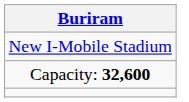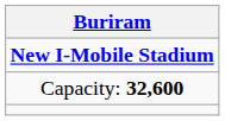 <table class="wikitable" style="text-align:center">
 <tr>
 <th><a href='#'>Buriram</a></th>
 </tr>
 <tr>
-<td><a href='#'>New I-Mobile Stadium</a></td>
+<td><strong><a href='#'>New I-Mobile Stadium</a></strong></td>
 </tr>
 <tr>
 <td>Capacity: <strong>32,600</strong></td>
 </tr>
 <tr>
 <td align="center"></td>
 </tr>
 </table>
